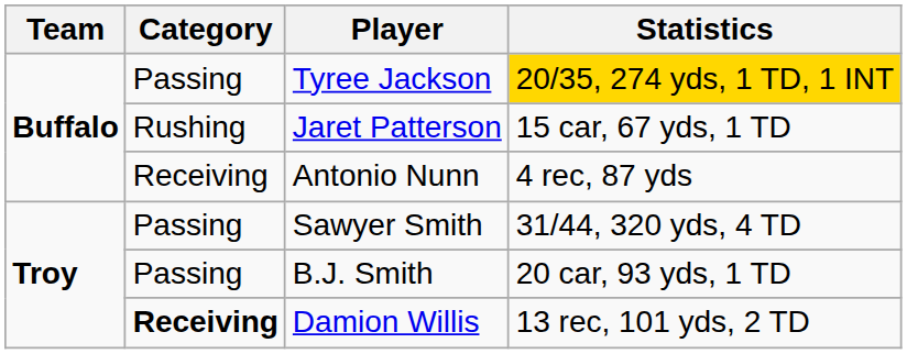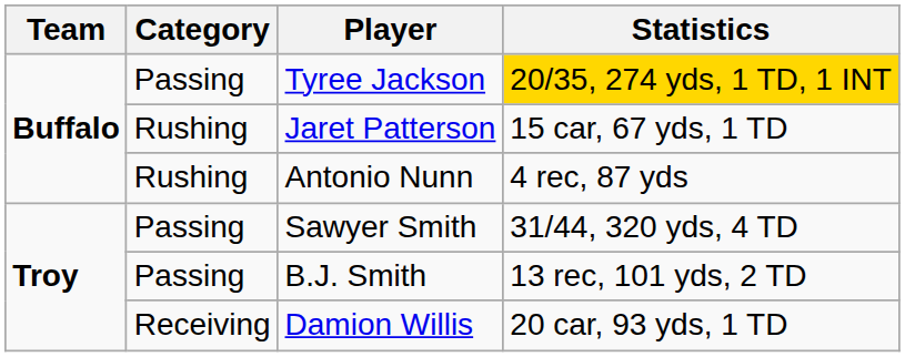 <table class="wikitable">
 <tr>
 <th>Team</th>
 <th>Category</th>
 <th>Player</th>
 <th>Statistics</th>
 </tr>
 <tr>
 <td rowspan=3><strong>Buffalo</strong></td>
 <td>Passing</td>
 <td><a href='#'>Tyree Jackson</a></td>
 <td style="background: gold;">20/35, 274 yds, 1 TD, 1 INT</td>
 </tr>
 <tr>
 <td>Rushing</td>
 <td><a href='#'>Jaret Patterson</a></td>
 <td>15 car, 67 yds, 1 TD</td>
 </tr>
 <tr>
-<td>Receiving</td>
+<td>Rushing</td>
 <td>Antonio Nunn</td>
 <td>4 rec, 87 yds</td>
 </tr>
 <tr>
 <td rowspan=3><strong>Troy</strong></td>
 <td>Passing</td>
 <td>Sawyer Smith</td>
 <td>31/44, 320 yds, 4 TD</td>
 </tr>
 <tr>
 <td>Passing</td>
 <td>B.J. Smith</td>
+<td>13 rec, 101 yds, 2 TD</td>
+</tr>
+<tr>
+<td>Receiving</td>
+<td><a href='#'>Damion Willis</a></td>
 <td>20 car, 93 yds, 1 TD</td>
 </tr>
-<tr>
-<td><strong>Receiving</strong></td>
-<td><a href='#'>Damion Willis</a></td>
-<td>13 rec, 101 yds, 2 TD</td>
-</tr>
 </table>
